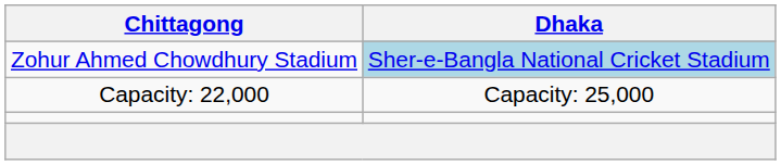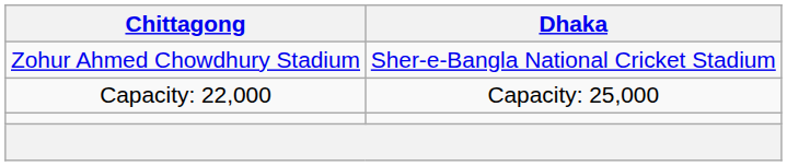 <table class="wikitable" style="margin:1em auto; text-align:center; font-size:90%">
 <tr>
 <th><a href='#'>Chittagong</a></th>
 <th><a href='#'>Dhaka</a></th>
 </tr>
 <tr>
 <td><a href='#'>Zohur Ahmed Chowdhury Stadium</a></td>
-<td style="background: lightblue;"><a href='#'>Sher-e-Bangla National Cricket Stadium</a></td>
+<td><a href='#'>Sher-e-Bangla National Cricket Stadium</a></td>
 </tr>
 <tr>
 <td>Capacity: 22,000</td>
 <td>Capacity: 25,000</td>
 </tr>
 <tr>
 <td></td>
 <td></td>
 </tr>
 <tr>
 <th colspan=2><br></th>
 </tr>
 </table>
